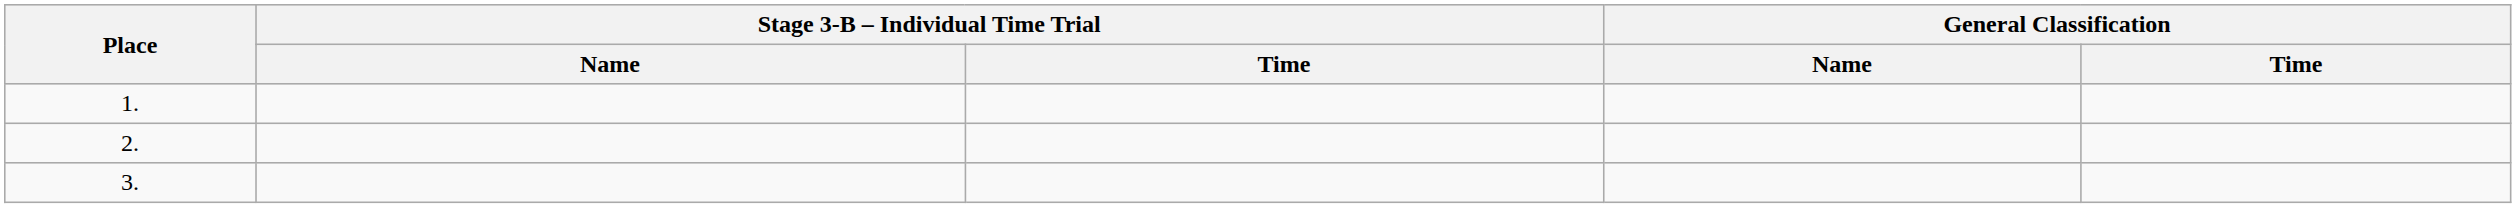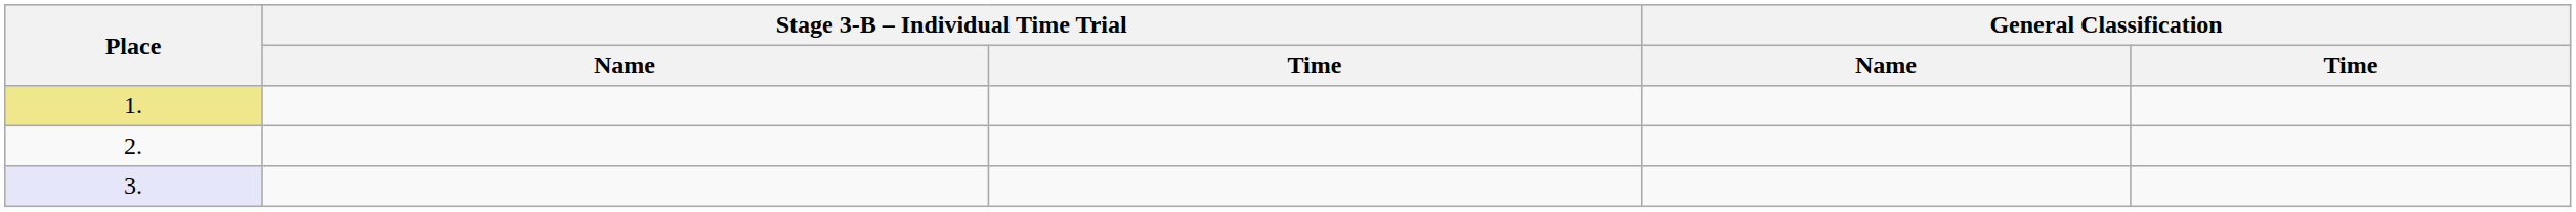 <table class=wikitable style="font-size:95%" width="80%">
 <tr>
 <th rowspan="2">Place</th>
 <th colspan="2">Stage 3-B – Individual Time Trial</th>
 <th colspan="2">General Classification</th>
 </tr>
 <tr>
 <th>Name</th>
 <th>Time</th>
 <th>Name</th>
 <th>Time</th>
 </tr>
 <tr>
-<td align="center">1.</td>
+<td align="center" style="background: khaki;">1.</td>
 <td></td>
 <td></td>
 <td></td>
 <td></td>
 </tr>
 <tr>
 <td align="center">2.</td>
 <td></td>
 <td></td>
 <td></td>
 <td></td>
 </tr>
 <tr>
-<td align="center">3.</td>
+<td align="center" style="background: lavender;">3.</td>
 <td></td>
 <td></td>
 <td></td>
 <td></td>
 </tr>
 </table>
